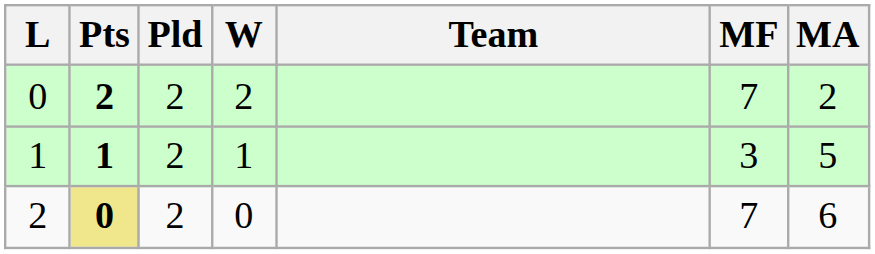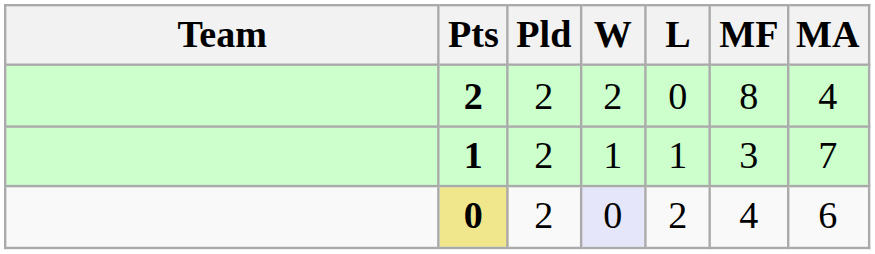 <table class=wikitable style="text-align:center">
 <tr>
-<th width=20>L</th>
+<th width=175>Team</th>
 <th width=20>Pts</th>
 <th width=20>Pld</th>
 <th width=20>W</th>
-<th width=175>Team</th>
+<th width=20>L</th>
 <th width=20>MF</th>
 <th width=20>MA</th>
 </tr>
 <tr bgcolor=ccffcc>
-<td>0</td>
+<td style="text-align:left"><strong></strong></td>
 <td><strong>2</strong></td>
 <td>2</td>
 <td>2</td>
-<td style="text-align:left"><strong></strong></td>
-<td>7</td>
-<td>2</td>
+<td>0</td>
+<td>8</td>
+<td>4</td>
 </tr>
 <tr bgcolor=ccffcc>
-<td>1</td>
+<td style="text-align:left"><strong></strong></td>
 <td><strong>1</strong></td>
 <td>2</td>
 <td>1</td>
-<td style="text-align:left"><strong></strong></td>
+<td>1</td>
 <td>3</td>
-<td>5</td>
+<td>7</td>
 </tr>
 <tr>
-<td>2</td>
+<td style="text-align:left"></td>
 <td style="background: khaki;"><strong>0</strong></td>
 <td>2</td>
-<td>0</td>
-<td style="text-align:left"></td>
-<td>7</td>
+<td style="background: lavender;">0</td>
+<td>2</td>
+<td>4</td>
 <td>6</td>
 </tr>
 </table>
